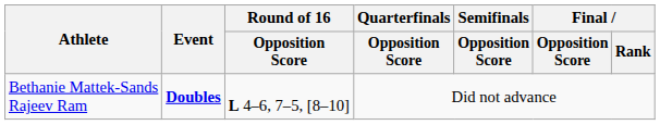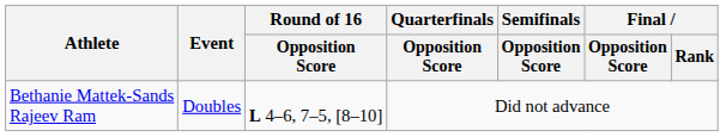 <table class=wikitable style=font-size:90%>
 <tr>
 <th rowspan=2>Athlete</th>
 <th rowspan=2>Event</th>
 <th>Round of 16</th>
 <th>Quarterfinals</th>
 <th>Semifinals</th>
 <th colspan=2>Final / </th>
 </tr>
 <tr style=font-size:95%>
 <th>Opposition<br>Score</th>
 <th>Opposition<br>Score</th>
 <th>Opposition<br>Score</th>
 <th>Opposition<br>Score</th>
 <th>Rank</th>
 </tr>
 <tr align=center>
 <td align=left><a href='#'>Bethanie Mattek-Sands</a><br><a href='#'>Rajeev Ram</a></td>
-<td align=left><strong><a href='#'>Doubles</a></strong></td>
+<td align=left><a href='#'>Doubles</a></td>
 <td><br><strong>L</strong> 4–6, 7–5, [8–10]</td>
 <td colspan=4>Did not advance</td>
 </tr>
 </table>
